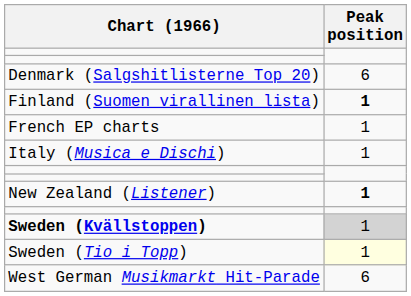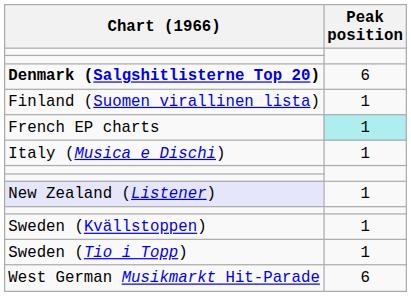 <table class="wikitable sortable">
 <tr>
 <th>Chart (1966)</th>
 <th>Peak<br>position</th>
 </tr>
 <tr>
 <td></td>
 </tr>
 <tr>
 <td></td>
 </tr>
 <tr>
-<td>Denmark (<a href='#'>Salgshitlisterne Top 20</a>)</td>
+<td><strong>Denmark (<a href='#'>Salgshitlisterne Top 20</a>)</strong></td>
 <td style="text-align:center;">6</td>
 </tr>
 <tr>
 <td>Finland (<a href='#'>Suomen virallinen lista</a>)</td>
-<td align="center"><strong>1</strong></td>
+<td align="center">1</td>
 </tr>
 <tr>
 <td>French EP charts</td>
-<td style="text-align:center;">1</td>
+<td style="background: paleturquoise; text-align:center;">1</td>
 </tr>
 <tr>
 <td>Italy (<em><a href='#'>Musica e Dischi</a></em>)</td>
 <td align="center">1</td>
 </tr>
 <tr>
 <td></td>
 </tr>
 <tr>
 <td></td>
 </tr>
 <tr>
-<td>New Zealand (<em><a href='#'>Listener</a></em>)</td>
-<td style="text-align:center;"><strong>1</strong></td>
+<td style="background: lavender;">New Zealand (<em><a href='#'>Listener</a></em>)</td>
+<td style="text-align:center;">1</td>
 </tr>
 <tr>
 <td></td>
 </tr>
 <tr>
-<td><strong>Sweden (<a href='#'>Kvällstoppen</a>)</strong></td>
-<td style="background: lightgrey; text-align:center;">1</td>
+<td>Sweden (<a href='#'>Kvällstoppen</a>)</td>
+<td style="text-align:center;">1</td>
 </tr>
 <tr>
 <td>Sweden (<em><a href='#'>Tio i Topp</a></em>)</td>
-<td style="background: lightyellow; text-align:center;">1</td>
+<td style="text-align:center;">1</td>
 </tr>
 <tr>
 <td>West German <a href='#'><em>Musikmarkt</em> Hit-Parade</a></td>
 <td style="text-align:center;">6</td>
 </tr>
 </table>
